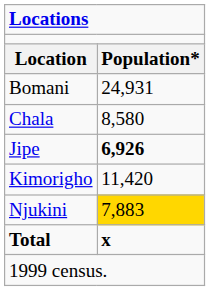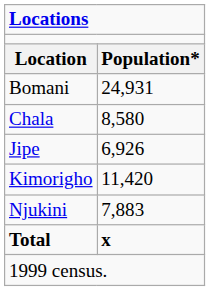 <table class="wikitable">
 <tr>
 <td colspan="2"><strong><a href='#'>Locations</a></strong></td>
 </tr>
 <tr>
 <td colspan="2"></td>
 </tr>
 <tr>
 <th>Location</th>
 <th>Population*</th>
 </tr>
 <tr>
 <td>Bomani</td>
 <td>24,931</td>
 </tr>
 <tr>
 <td><a href='#'>Chala</a></td>
 <td>8,580</td>
 </tr>
 <tr>
 <td><a href='#'>Jipe</a></td>
-<td><strong>6,926</strong></td>
+<td>6,926</td>
 </tr>
 <tr>
 <td><a href='#'>Kimorigho</a></td>
 <td>11,420</td>
 </tr>
 <tr>
 <td><a href='#'>Njukini</a></td>
-<td style="background: gold;">7,883</td>
+<td>7,883</td>
 </tr>
 <tr>
 <td><strong>Total</strong></td>
 <td><strong>x</strong></td>
 </tr>
 <tr>
 <td colspan="2">1999 census.</td>
 </tr>
 </table>
